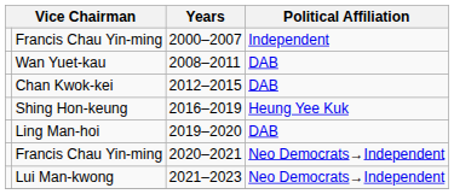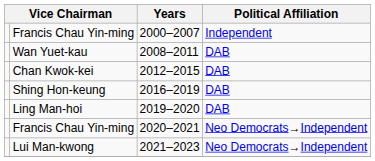 <table class="wikitable">
 <tr>
 <th colspan=2>Vice Chairman</th>
 <th>Years</th>
 <th>Political Affiliation</th>
 </tr>
 <tr>
 <td style="color:inherit;background: "></td>
 <td>Francis Chau Yin-ming</td>
 <td>2000–2007</td>
 <td><a href='#'>Independent</a></td>
 </tr>
 <tr>
 <td style="color:inherit;background: "></td>
 <td>Wan Yuet-kau</td>
 <td>2008–2011</td>
 <td><a href='#'>DAB</a></td>
 </tr>
 <tr>
 <td style="color:inherit;background: "></td>
 <td>Chan Kwok-kei</td>
 <td>2012–2015</td>
 <td><a href='#'>DAB</a></td>
 </tr>
 <tr>
 <td style="color:inherit;background: "></td>
 <td>Shing Hon-keung</td>
 <td>2016–2019</td>
-<td><a href='#'>Heung Yee Kuk</a></td>
+<td><a href='#'>DAB</a></td>
 </tr>
 <tr>
 <td style="color:inherit;background: "></td>
 <td>Ling Man-hoi</td>
 <td>2019–2020</td>
 <td><a href='#'>DAB</a></td>
 </tr>
 <tr>
 <td style="color:inherit;background: "></td>
 <td>Francis Chau Yin-ming</td>
 <td>2020–2021</td>
 <td><a href='#'>Neo Democrats</a>→<a href='#'>Independent</a></td>
 </tr>
 <tr>
 <td style="color:inherit;background: "></td>
 <td>Lui Man-kwong</td>
 <td>2021–2023</td>
 <td><a href='#'>Neo Democrats</a>→<a href='#'>Independent</a></td>
 </tr>
 <tr>
 </tr>
 </table>
